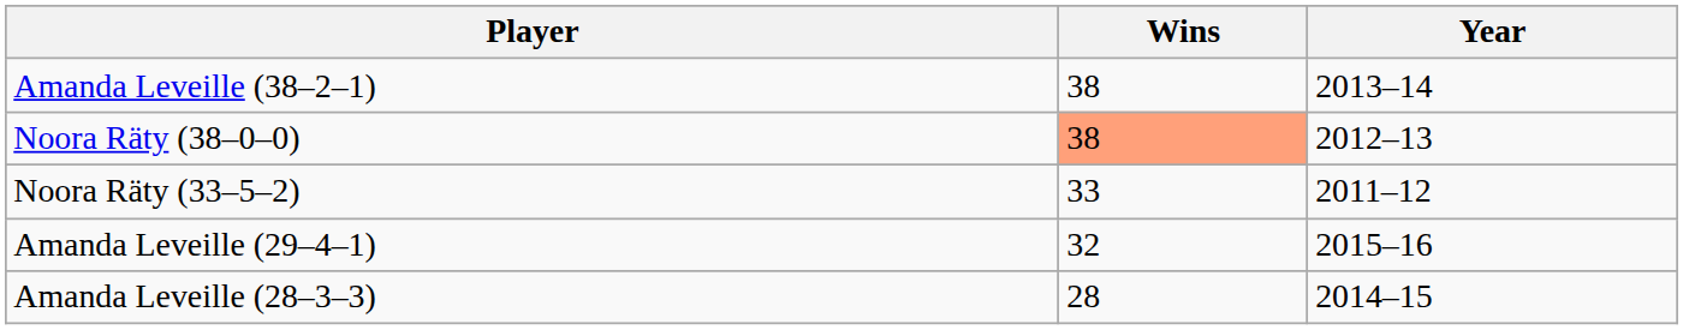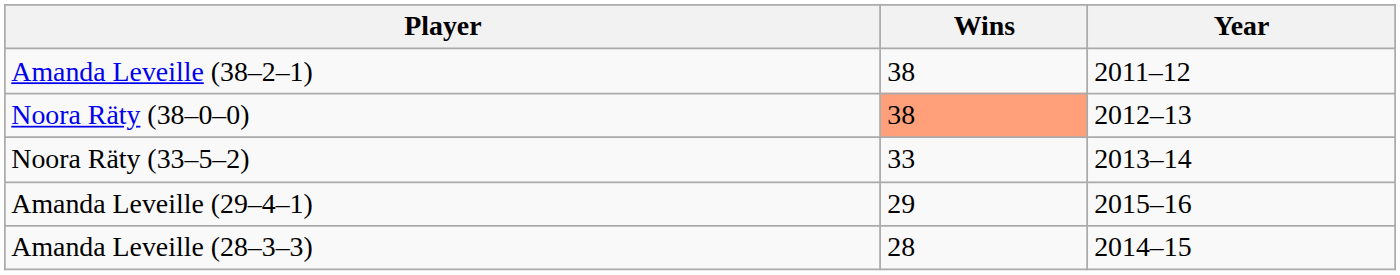 <table class="wikitable" style="width: 50em">
 <tr>
 <th>Player</th>
 <th>Wins</th>
 <th>Year</th>
 </tr>
 <tr>
 <td><a href='#'>Amanda Leveille</a> (38–2–1)</td>
 <td>38</td>
-<td>2013–14</td>
+<td>2011–12</td>
 </tr>
 <tr>
 <td><a href='#'>Noora Räty</a> (38–0–0)</td>
 <td style="background: lightsalmon;">38</td>
 <td>2012–13</td>
 </tr>
 <tr>
 <td>Noora Räty (33–5–2)</td>
 <td>33</td>
-<td>2011–12</td>
+<td>2013–14</td>
 </tr>
 <tr>
 <td>Amanda Leveille (29–4–1)</td>
-<td>32</td>
+<td>29</td>
 <td>2015–16</td>
 </tr>
 <tr>
 <td>Amanda Leveille (28–3–3)</td>
 <td>28</td>
 <td>2014–15</td>
 </tr>
 </table>
